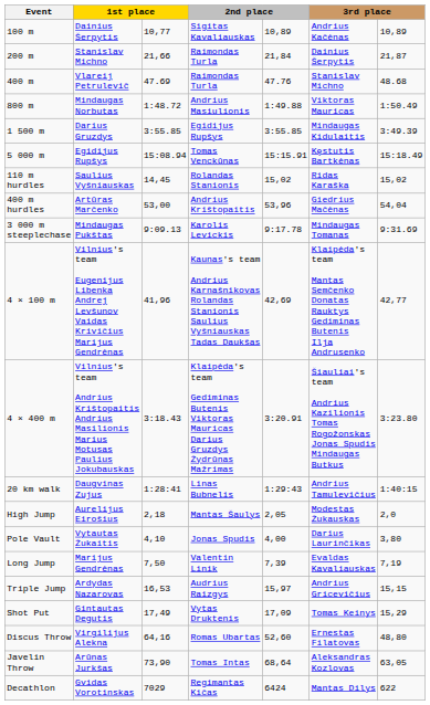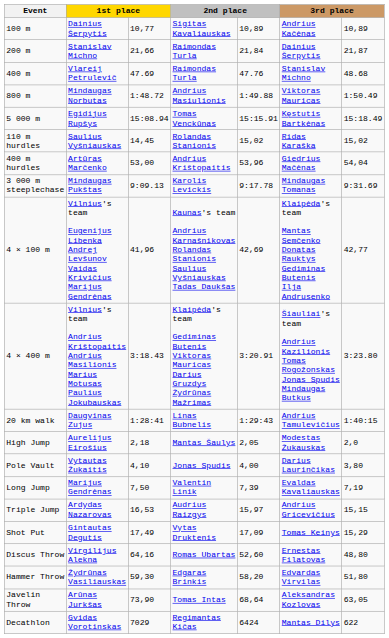 <table class="wikitable">
 <tr>
 <th>Event</th>
 <th style="background:gold;" colspan=2>1st place</th>
 <th style="background:silver;" colspan=2>2nd place</th>
 <th style="background:#CC9966;" colspan=2>3rd place</th>
 </tr>
 <tr>
 <td>100 m</td>
 <td><a href='#'>Dainius Šerpytis</a></td>
 <td>10,77</td>
 <td><a href='#'>Sigitas Kavaliauskas</a></td>
 <td>10,89</td>
 <td><a href='#'>Andrius Kačėnas</a></td>
 <td>10,89</td>
 </tr>
 <tr>
 <td>200 m</td>
 <td><a href='#'>Stanislav Michno</a></td>
 <td>21,66</td>
 <td><a href='#'>Raimondas Turla</a></td>
 <td>21,84</td>
 <td><a href='#'>Dainius Šerpytis</a></td>
 <td>21,87</td>
 </tr>
 <tr>
 <td>400 m</td>
 <td><a href='#'>Vlareij Petrulevič</a></td>
 <td>47.69</td>
 <td><a href='#'>Raimondas Turla</a></td>
 <td>47.76</td>
 <td><a href='#'>Stanislav Michno</a></td>
 <td>48.68</td>
 </tr>
 <tr>
 <td>800 m</td>
 <td><a href='#'>Mindaugas Norbutas</a></td>
 <td>1:48.72</td>
 <td><a href='#'>Andrius Masiulionis</a></td>
 <td>1:49.88</td>
 <td><a href='#'>Viktoras Mauricas</a></td>
 <td>1:50.49</td>
-</tr>
-<tr>
-<td>1 500 m</td>
-<td><a href='#'>Darius Gruzdys</a></td>
-<td>3:55.85</td>
-<td><a href='#'>Egidijus Rupšys</a></td>
-<td>3:55.85</td>
-<td><a href='#'>Mindaugas Kidulaitis</a></td>
-<td>3:49.39</td>
 </tr>
 <tr>
 <td>5 000 m</td>
 <td><a href='#'>Egidijus Rupšys</a></td>
 <td>15:08.94</td>
 <td><a href='#'>Tomas Venckūnas</a></td>
 <td>15:15.91</td>
 <td><a href='#'>Kęstutis Bartkėnas</a></td>
 <td>15:18.49</td>
 </tr>
 <tr>
 <td>110 m hurdles</td>
 <td><a href='#'>Saulius Vyšniauskas</a></td>
 <td>14,45</td>
 <td><a href='#'>Rolandas Stanionis</a></td>
 <td>15,02</td>
 <td><a href='#'>Ridas Karaška</a></td>
 <td>15,02</td>
 </tr>
 <tr>
 <td>400 m hurdles</td>
 <td><a href='#'>Artūras Marčenko</a></td>
 <td>53,00</td>
 <td><a href='#'>Andrius Krištopaitis</a></td>
 <td>53,96</td>
 <td><a href='#'>Giedrius Mačėnas</a></td>
 <td>54,04</td>
 </tr>
 <tr>
 <td>3 000 m steeplechase</td>
 <td><a href='#'>Mindaugas Pukštas</a></td>
 <td>9:09.13</td>
 <td><a href='#'>Karolis Levickis</a></td>
 <td>9:17.78</td>
 <td><a href='#'>Mindaugas Tomanas</a></td>
 <td>9:31.69</td>
 </tr>
 <tr>
 <td>4 × 100 m</td>
 <td><a href='#'>Vilnius</a>'s team<br><br><a href='#'>Eugenijus Libenka</a><br> <a href='#'>Andrej Levšunov</a><br> <a href='#'>Vaidas Krivičius</a><br> <a href='#'>Marijus Gendrėnas</a><br></td>
 <td>41,96</td>
 <td><a href='#'>Kaunas</a>'s team <br><br><a href='#'>Andrius Karnašnikovas</a><br> <a href='#'>Rolandas Stanionis</a><br> <a href='#'>Saulius Vyšniauskas</a><br> <a href='#'>Tadas Daukšas</a><br></td>
 <td>42,69</td>
 <td><a href='#'>Klaipėda</a>'s team <br><br><a href='#'>Mantas Semčenko</a> <br> <a href='#'>Donatas Rauktys</a><br> <a href='#'>Gediminas Butenis</a><br> <a href='#'>Ilja Andrusenko</a><br></td>
 <td>42,77</td>
 </tr>
 <tr>
 <td>4 × 400 m</td>
 <td><a href='#'>Vilnius</a>'s team<br><br><a href='#'>Andrius Krištopaitis</a><br> <a href='#'>Andrius Masilionis</a><br> <a href='#'>Marius Motusas</a><br> <a href='#'>Paulius Jokubauskas</a><br></td>
 <td>3:18.43</td>
 <td><a href='#'>Klaipėda</a>'s team<br><br><a href='#'>Gediminas Butenis</a><br> <a href='#'>Viktoras Mauricas</a><br> <a href='#'>Darius Gruzdys</a><br> <a href='#'>Žydrūnas Mažrimas</a><br></td>
 <td>3:20.91</td>
 <td><a href='#'>Šiauliai</a>'s team <br><br><a href='#'>Andrius Kazilionis</a><br> <a href='#'>Tomas Rogožonskas</a><br> <a href='#'>Jonas Spudis</a><br> <a href='#'>Mindaugas Butkus</a><br></td>
 <td>3:23.80</td>
 </tr>
 <tr>
 <td>20 km walk</td>
 <td><a href='#'>Daugvinas Zujus</a></td>
 <td>1:28:41</td>
 <td><a href='#'>Linas Bubnelis</a></td>
 <td>1:29:43</td>
 <td><a href='#'>Andrius Tamulevičius</a></td>
 <td>1:40:15</td>
 </tr>
 <tr>
 <td>High Jump</td>
 <td><a href='#'>Aurelijus Eirošius</a></td>
 <td>2,18</td>
 <td><a href='#'>Mantas Šaulys</a></td>
 <td>2,05</td>
 <td><a href='#'>Modestas Žukauskas</a></td>
 <td>2,0</td>
 </tr>
 <tr>
 <td>Pole Vault</td>
 <td><a href='#'>Vytautas Žukaitis</a></td>
 <td>4,10</td>
 <td><a href='#'>Jonas Spudis</a></td>
 <td>4,00</td>
 <td><a href='#'>Darius Laurinčikas</a></td>
 <td>3,80</td>
 </tr>
 <tr>
 <td>Long Jump</td>
 <td><a href='#'>Marijus Gendrėnas</a></td>
 <td>7,50</td>
 <td><a href='#'>Valentin Linik</a></td>
 <td>7,39</td>
 <td><a href='#'>Evaldas Kavaliauskas</a></td>
 <td>7,19</td>
 </tr>
 <tr>
 <td>Triple Jump</td>
 <td><a href='#'>Ardydas Nazarovas</a></td>
 <td>16,53</td>
 <td><a href='#'>Audrius Raizgys</a></td>
 <td>15,97</td>
 <td><a href='#'>Andrius Gricevičius</a></td>
 <td>15,15</td>
 </tr>
 <tr>
 <td>Shot Put</td>
 <td><a href='#'>Gintautas Degutis</a></td>
 <td>17,49</td>
 <td><a href='#'>Vytas Druktenis</a></td>
 <td>17,09</td>
 <td><a href='#'>Tomas Keinys</a></td>
 <td>15,29</td>
 </tr>
 <tr>
 <td>Discus Throw</td>
 <td><a href='#'>Virgilijus Alekna</a></td>
 <td>64,16</td>
 <td><a href='#'>Romas Ubartas</a></td>
 <td>52,60</td>
 <td><a href='#'>Ernestas Filatovas</a></td>
 <td>48,80</td>
 </tr>
 <tr>
+<td>Hammer Throw</td>
+<td><a href='#'>Žydrūnas Vasiliauskas</a></td>
+<td>59,30</td>
+<td><a href='#'>Edgaras Brinkis</a></td>
+<td>58,20</td>
+<td><a href='#'>Edvardas Virvilas</a></td>
+<td>51,80</td>
+</tr>
+<tr>
 <td>Javelin Throw</td>
 <td><a href='#'>Arūnas Jurkšas</a></td>
 <td>73,90</td>
 <td><a href='#'>Tomas Intas</a></td>
 <td>68,64</td>
 <td><a href='#'>Aleksandras Kozlovas</a></td>
 <td>63,05</td>
 </tr>
 <tr>
 <td>Decathlon</td>
 <td><a href='#'>Gvidas Vorotinskas</a></td>
 <td>7029</td>
 <td><a href='#'>Regimantas Kičas</a></td>
 <td>6424</td>
 <td><a href='#'>Mantas Dilys</a></td>
 <td>622</td>
 </tr>
 </table>
